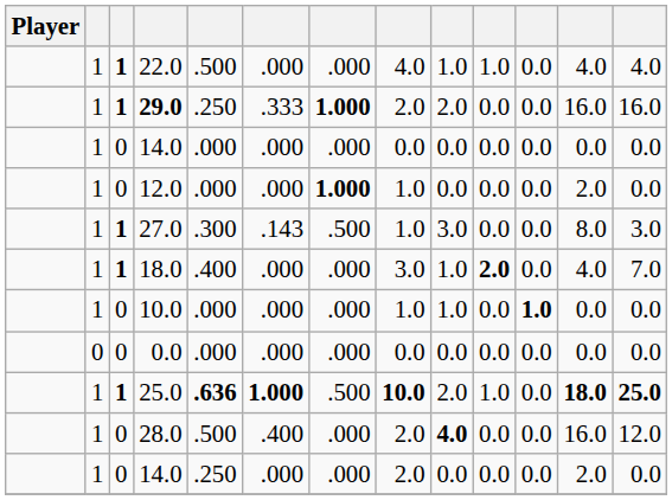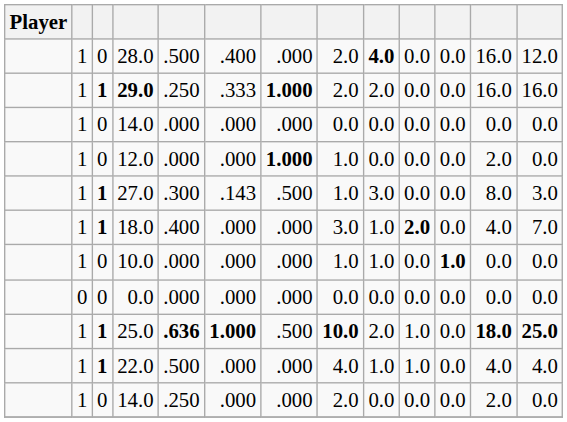 <table class="wikitable sortable" style="font-size:95%; text-align:right">
 <tr>
 <th>Player</th>
 <th></th>
 <th></th>
 <th></th>
 <th></th>
 <th></th>
 <th></th>
 <th></th>
 <th></th>
 <th></th>
 <th></th>
 <th></th>
 <th></th>
 </tr>
 <tr>
 <td><strong></strong></td>
 <td>1</td>
-<td><strong>1</strong></td>
-<td>22.0</td>
+<td>0</td>
+<td>28.0</td>
 <td>.500</td>
+<td>.400</td>
 <td>.000</td>
-<td>.000</td>
-<td>4.0</td>
-<td>1.0</td>
-<td>1.0</td>
+<td>2.0</td>
+<td><strong>4.0</strong></td>
 <td>0.0</td>
-<td>4.0</td>
-<td>4.0</td>
+<td>0.0</td>
+<td>16.0</td>
+<td>12.0</td>
 </tr>
 <tr>
 <td><strong></strong></td>
 <td>1</td>
 <td><strong>1</strong></td>
 <td><strong>29.0</strong></td>
 <td>.250</td>
 <td>.333</td>
 <td><strong>1.000</strong></td>
 <td>2.0</td>
 <td>2.0</td>
 <td>0.0</td>
 <td>0.0</td>
 <td>16.0</td>
 <td>16.0</td>
 </tr>
 <tr>
 <td><strong></strong></td>
 <td>1</td>
 <td>0</td>
 <td>14.0</td>
 <td>.000</td>
 <td>.000</td>
 <td>.000</td>
 <td>0.0</td>
 <td>0.0</td>
 <td>0.0</td>
 <td>0.0</td>
 <td>0.0</td>
 <td>0.0</td>
 </tr>
 <tr>
 <td><strong></strong></td>
 <td>1</td>
 <td>0</td>
 <td>12.0</td>
 <td>.000</td>
 <td>.000</td>
 <td><strong>1.000</strong></td>
 <td>1.0</td>
 <td>0.0</td>
 <td>0.0</td>
 <td>0.0</td>
 <td>2.0</td>
 <td>0.0</td>
 </tr>
 <tr>
 <td><strong></strong></td>
 <td>1</td>
 <td><strong>1</strong></td>
 <td>27.0</td>
 <td>.300</td>
 <td>.143</td>
 <td>.500</td>
 <td>1.0</td>
 <td>3.0</td>
 <td>0.0</td>
 <td>0.0</td>
 <td>8.0</td>
 <td>3.0</td>
 </tr>
 <tr>
 <td><strong></strong></td>
 <td>1</td>
 <td><strong>1</strong></td>
 <td>18.0</td>
 <td>.400</td>
 <td>.000</td>
 <td>.000</td>
 <td>3.0</td>
 <td>1.0</td>
 <td><strong>2.0</strong></td>
 <td>0.0</td>
 <td>4.0</td>
 <td>7.0</td>
 </tr>
 <tr>
 <td><strong></strong></td>
 <td>1</td>
 <td>0</td>
 <td>10.0</td>
 <td>.000</td>
 <td>.000</td>
 <td>.000</td>
 <td>1.0</td>
 <td>1.0</td>
 <td>0.0</td>
 <td><strong>1.0</strong></td>
 <td>0.0</td>
 <td>0.0</td>
 </tr>
 <tr>
 <td><strong></strong></td>
 <td>0</td>
 <td>0</td>
 <td>0.0</td>
 <td>.000</td>
 <td>.000</td>
 <td>.000</td>
 <td>0.0</td>
 <td>0.0</td>
 <td>0.0</td>
 <td>0.0</td>
 <td>0.0</td>
 <td>0.0</td>
 </tr>
 <tr>
 <td><strong></strong></td>
 <td>1</td>
 <td><strong>1</strong></td>
 <td>25.0</td>
 <td><strong>.636</strong></td>
 <td><strong>1.000</strong></td>
 <td>.500</td>
 <td><strong>10.0</strong></td>
 <td>2.0</td>
 <td>1.0</td>
 <td>0.0</td>
 <td><strong>18.0</strong></td>
 <td><strong>25.0</strong></td>
 </tr>
 <tr>
 <td><strong></strong></td>
 <td>1</td>
-<td>0</td>
-<td>28.0</td>
+<td><strong>1</strong></td>
+<td>22.0</td>
 <td>.500</td>
-<td>.400</td>
 <td>.000</td>
-<td>2.0</td>
-<td><strong>4.0</strong></td>
+<td>.000</td>
+<td>4.0</td>
+<td>1.0</td>
+<td>1.0</td>
 <td>0.0</td>
-<td>0.0</td>
-<td>16.0</td>
-<td>12.0</td>
+<td>4.0</td>
+<td>4.0</td>
 </tr>
 <tr>
 <td><strong></strong></td>
 <td>1</td>
 <td>0</td>
 <td>14.0</td>
 <td>.250</td>
 <td>.000</td>
 <td>.000</td>
 <td>2.0</td>
 <td>0.0</td>
 <td>0.0</td>
 <td>0.0</td>
 <td>2.0</td>
 <td>0.0</td>
 </tr>
 <tr>
 </tr>
 </table>
